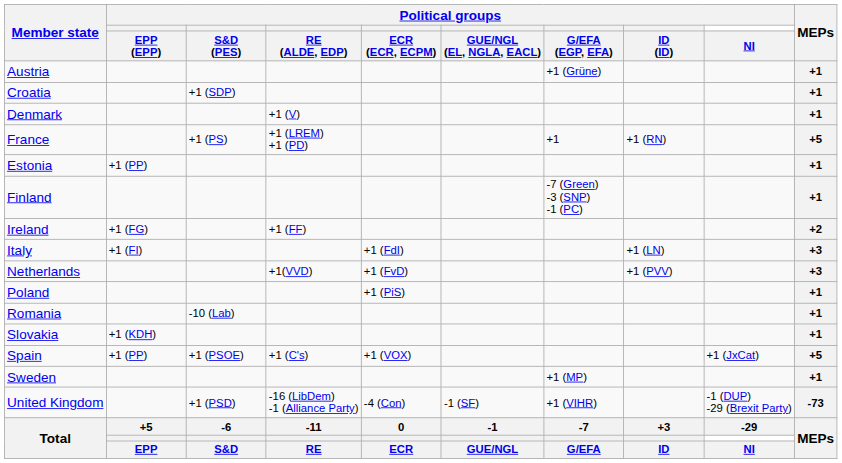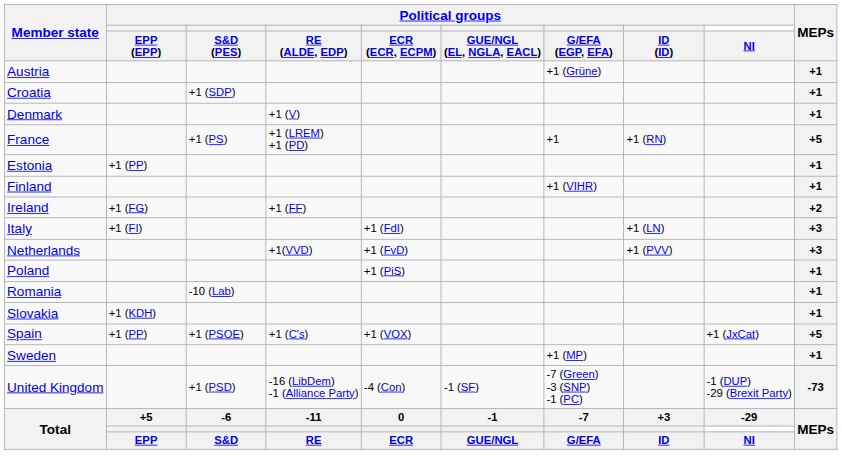 <table class="wikitable" style="font-size:85%; text-align:left; white-space:nowrap">
 <tr>
 <th rowspan="3"><a href='#'><big>Member state</big></a></th>
 <th colspan="8"><a href='#'><big>Political groups</big></a></th>
 <th rowspan="3"><big>MEPs</big></th>
 </tr>
 <tr>
 <th style="background:"></th>
 <th style="background:"></th>
 <th style="background:"></th>
 <th style="background:"></th>
 <th style="background:"></th>
 <th style="background:"></th>
 <th style="background:"></th>
 <th style="background:white;"></th>
 </tr>
 <tr>
 <th><a href='#'>EPP</a><br>(<a href='#'>EPP</a>)</th>
 <th><a href='#'>S&D</a><br>(<a href='#'>PES</a>)</th>
 <th><a href='#'>RE</a><br>(<a href='#'>ALDE</a>, <a href='#'>EDP</a>)</th>
 <th><a href='#'>ECR</a><br>(<a href='#'>ECR</a>, <a href='#'>ECPM</a>)</th>
 <th><a href='#'>GUE/NGL</a><br>(<a href='#'>EL</a>, <a href='#'>NGLA</a>, <a href='#'>EACL</a>)</th>
 <th><a href='#'>G/EFA</a><br>(<a href='#'>EGP</a>, <a href='#'>EFA</a>)</th>
 <th><a href='#'>ID</a><br>(<a href='#'>ID</a>)</th>
 <th><a href='#'>NI</a><br></th>
 </tr>
 <tr>
 <td> <a href='#'><big>Austria</big></a></td>
 <td style="width:90px;"></td>
 <td style="width:90px;"></td>
 <td style="width:90px;"></td>
 <td style="width:90px;"></td>
 <td style="width:90px;"></td>
 <td style="width:90px;">+1 (<a href='#'>Grüne</a>)</td>
 <td style="width:90px;"></td>
 <td style="width:90px;"></td>
 <th>+1</th>
 </tr>
 <tr>
 <td><big> <a href='#'>Croatia</a></big></td>
 <td></td>
 <td>+1 (<a href='#'>SDP</a>)</td>
 <td></td>
 <td></td>
 <td></td>
 <td></td>
 <td></td>
 <td></td>
 <th>+1</th>
 </tr>
 <tr>
 <td><big> <a href='#'>Denmark</a></big></td>
 <td></td>
 <td></td>
 <td>+1 (<a href='#'>V</a>)</td>
 <td></td>
 <td></td>
 <td></td>
 <td></td>
 <td></td>
 <th>+1</th>
 </tr>
 <tr>
 <td><big> <a href='#'>France</a></big></td>
 <td></td>
 <td>+1 (<a href='#'>PS</a>)</td>
 <td>+1 (<a href='#'>LREM</a>)<br>+1 (<a href='#'>PD</a>)</td>
 <td></td>
 <td></td>
 <td>+1</td>
 <td>+1 (<a href='#'>RN</a>)</td>
 <td></td>
 <th>+5</th>
 </tr>
 <tr>
 <td><big> <a href='#'>Estonia</a></big></td>
 <td>+1 (<a href='#'>PP</a>)</td>
 <td></td>
 <td></td>
 <td></td>
 <td></td>
 <td></td>
 <td></td>
 <td></td>
 <th>+1</th>
 </tr>
 <tr>
 <td><big> <a href='#'>Finland</a></big></td>
 <td></td>
 <td></td>
 <td></td>
 <td></td>
 <td></td>
-<td>-7 (<a href='#'>Green</a>)<br>-3 (<a href='#'>SNP</a>)<br>-1 (<a href='#'>PC</a>)</td>
+<td>+1 (<a href='#'>VIHR</a>)</td>
 <td></td>
 <td></td>
 <th>+1</th>
 </tr>
 <tr>
 <td><big> <a href='#'>Ireland</a></big></td>
 <td>+1 (<a href='#'>FG</a>)</td>
 <td></td>
 <td>+1 (<a href='#'>FF</a>)</td>
 <td></td>
 <td></td>
 <td></td>
 <td></td>
 <td></td>
 <th>+2</th>
 </tr>
 <tr>
 <td><big> <a href='#'>Italy</a></big></td>
 <td>+1 (<a href='#'>FI</a>)</td>
 <td></td>
 <td></td>
 <td>+1 (<a href='#'>FdI</a>)</td>
 <td></td>
 <td></td>
 <td>+1 (<a href='#'>LN</a>)</td>
 <td></td>
 <th>+3</th>
 </tr>
 <tr>
 <td><big> <a href='#'>Netherlands</a></big></td>
 <td></td>
 <td></td>
 <td>+1(<a href='#'>VVD</a>)</td>
 <td>+1 (<a href='#'>FvD</a>)</td>
 <td></td>
 <td></td>
 <td>+1 (<a href='#'>PVV</a>)</td>
 <td></td>
 <th>+3</th>
 </tr>
 <tr>
 <td><big> <a href='#'>Poland</a></big></td>
 <td></td>
 <td></td>
 <td></td>
 <td>+1 (<a href='#'>PiS</a>)</td>
 <td></td>
 <td></td>
 <td></td>
 <td></td>
 <th>+1</th>
 </tr>
 <tr>
 <td><big> <a href='#'>Romania</a></big></td>
 <td></td>
 <td>-10 (<a href='#'>Lab</a>)</td>
 <td></td>
 <td></td>
 <td></td>
 <td></td>
 <td></td>
 <td></td>
 <th>+1</th>
 </tr>
 <tr>
 <td><big> <a href='#'>Slovakia</a></big></td>
 <td>+1 (<a href='#'>KDH</a>)</td>
 <td></td>
 <td></td>
 <td></td>
 <td></td>
 <td></td>
 <td></td>
 <td></td>
 <th>+1</th>
 </tr>
 <tr>
 <td><big> <a href='#'>Spain</a></big></td>
 <td>+1 (<a href='#'>PP</a>)</td>
 <td>+1 (<a href='#'>PSOE</a>)</td>
 <td>+1 (<a href='#'>C's</a>)</td>
 <td>+1 (<a href='#'>VOX</a>)</td>
 <td></td>
 <td></td>
 <td></td>
 <td>+1 (<a href='#'>JxCat</a>)</td>
 <th>+5</th>
 </tr>
 <tr>
 <td><big> <a href='#'>Sweden</a></big></td>
 <td></td>
 <td></td>
 <td></td>
 <td></td>
 <td></td>
 <td>+1 (<a href='#'>MP</a>)</td>
 <td></td>
 <td></td>
 <th>+1</th>
 </tr>
 <tr>
 <td><big> <a href='#'>United Kingdom</a></big></td>
 <td></td>
 <td>+1 (<a href='#'>PSD</a>)</td>
 <td>-16 (<a href='#'>LibDem</a>)<br>-1 (<a href='#'>Alliance Party</a>)</td>
 <td>-4 (<a href='#'>Con</a>)</td>
 <td>-1 (<a href='#'>SF</a>)</td>
-<td>+1 (<a href='#'>VIHR</a>)</td>
+<td>-7 (<a href='#'>Green</a>)<br>-3 (<a href='#'>SNP</a>)<br>-1 (<a href='#'>PC</a>)</td>
 <td></td>
 <td>-1 (<a href='#'>DUP</a>)<br>-29 (<a href='#'>Brexit Party</a>)</td>
 <th>-73</th>
 </tr>
 <tr>
 <th rowspan="3"><big>Total</big></th>
 <th>+5</th>
 <th>-6</th>
 <th>-11</th>
 <th>0</th>
 <th>-1</th>
 <th>-7</th>
 <th>+3</th>
 <th>-29</th>
 <th rowspan="3"><big>MEPs</big></th>
 </tr>
 <tr style="font-weight:bold;">
 <th style="background:"></th>
 <th style="background:"></th>
 <th style="background:"></th>
 <th style="background:"></th>
 <th style="background:"></th>
 <th style="background:"></th>
 <th style="background:"></th>
 <th style="background:white;"></th>
 </tr>
 <tr style="font-weight:bold;">
 <th><a href='#'>EPP</a></th>
 <th><a href='#'>S&D</a></th>
 <th><a href='#'>RE</a></th>
 <th><a href='#'>ECR</a></th>
 <th><a href='#'>GUE/NGL</a></th>
 <th><a href='#'>G/EFA</a></th>
 <th><a href='#'>ID</a></th>
 <th><a href='#'>NI</a></th>
 </tr>
 </table>
